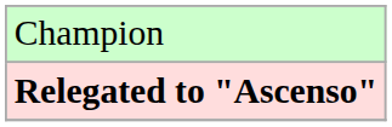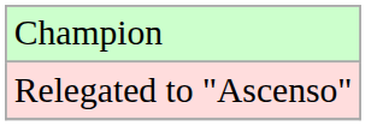 <table class="wikitable">
 <tr width=10px bgcolor="#ccffcc">
 <td>Champion</td>
 </tr>
 <tr width=10px bgcolor="#ffdddd">
-<td><strong>Relegated to "Ascenso"</strong></td>
+<td>Relegated to "Ascenso"</td>
 </tr>
 <tr>
 </tr>
 </table>
